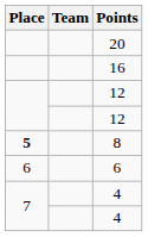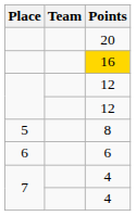 <table class="wikitable" style="text-align:center; padding-bottom:0;">
 <tr>
 <th>Place</th>
 <th style="text-align:left;">Team</th>
 <th>Points</th>
 </tr>
 <tr>
 <td></td>
 <td align=left></td>
 <td>20</td>
 </tr>
 <tr>
 <td></td>
 <td align=left></td>
-<td>16</td>
+<td style="background: gold;">16</td>
 </tr>
 <tr>
 <td rowspan=2></td>
 <td align=left></td>
 <td>12</td>
 </tr>
 <tr>
 <td align=left></td>
 <td>12</td>
 </tr>
 <tr>
-<td><strong>5</strong></td>
+<td>5</td>
 <td align=left></td>
 <td>8</td>
 </tr>
 <tr>
 <td>6</td>
 <td align=left></td>
 <td>6</td>
 </tr>
 <tr>
 <td rowspan=2>7</td>
 <td align=left></td>
 <td>4</td>
 </tr>
 <tr>
 <td align=left></td>
 <td>4</td>
 </tr>
 </table>
